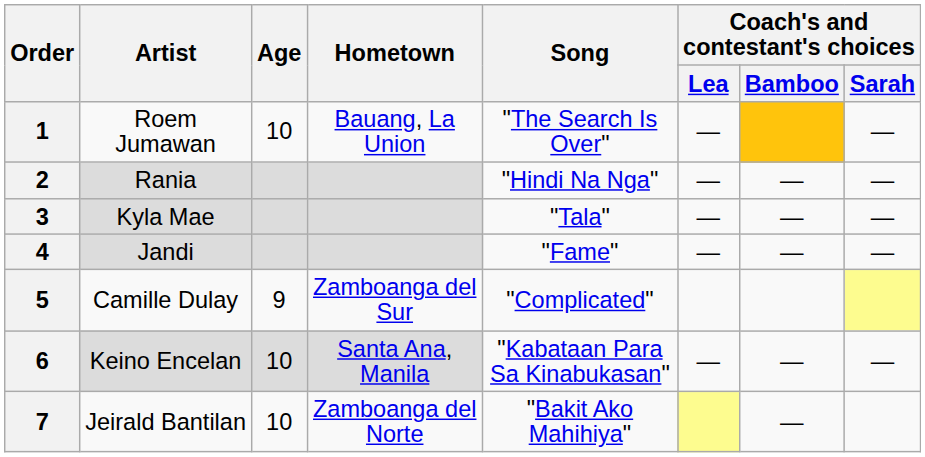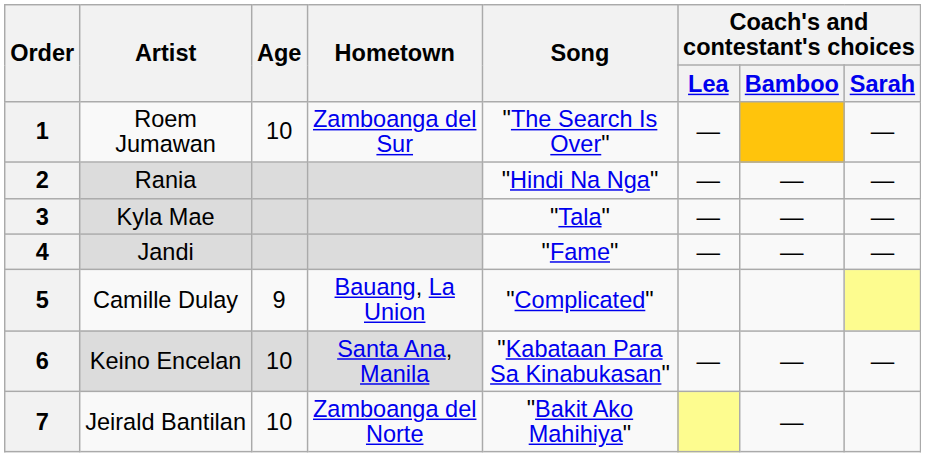 <table class="wikitable" style="text-align:center; line-height:17px; width:100%;">
 <tr>
 <th rowspan="2" scope="col" width="05%">Order</th>
 <th rowspan="2" scope="col" width="20%">Artist</th>
 <th rowspan="2" scope="col" width="05%">Age</th>
 <th rowspan="2" scope="col" width="20%">Hometown</th>
 <th rowspan="2" scope="col" width="22%">Song</th>
 <th colspan="3" scope="col" width="28%">Coach's and contestant's choices</th>
 </tr>
 <tr>
 <th width="07%"><a href='#'>Lea</a></th>
 <th width="07%"><a href='#'>Bamboo</a></th>
 <th width="07%"><a href='#'>Sarah</a></th>
 </tr>
 <tr>
 <th>1</th>
 <td>Roem Jumawan</td>
 <td>10</td>
-<td><a href='#'>Bauang</a>, <a href='#'>La Union</a></td>
+<td><a href='#'>Zamboanga del Sur</a></td>
 <td>"<a href='#'>The Search Is Over</a>"</td>
 <td>—</td>
 <td style="background:#FFC40C;"><strong></strong></td>
 <td>—</td>
 </tr>
 <tr>
 <th>2</th>
 <td style="background:#DCDCDC;">Rania</td>
 <td style="background:#DCDCDC;"></td>
 <td style="background:#DCDCDC;"></td>
 <td>"<a href='#'>Hindi Na Nga</a>"</td>
 <td>—</td>
 <td>—</td>
 <td>—</td>
 </tr>
 <tr>
 <th>3</th>
 <td style="background:#DCDCDC;">Kyla Mae</td>
 <td style="background:#DCDCDC;"></td>
 <td style="background:#DCDCDC;"></td>
 <td>"<a href='#'>Tala</a>"</td>
 <td>—</td>
 <td>—</td>
 <td>—</td>
 </tr>
 <tr>
 <th>4</th>
 <td style="background:#DCDCDC;">Jandi</td>
 <td style="background:#DCDCDC;"></td>
 <td style="background:#DCDCDC;"></td>
 <td>"<a href='#'>Fame</a>"</td>
 <td>—</td>
 <td>—</td>
 <td>—</td>
 </tr>
 <tr>
 <th>5</th>
 <td>Camille Dulay</td>
 <td>9</td>
-<td><a href='#'>Zamboanga del Sur</a></td>
+<td><a href='#'>Bauang</a>, <a href='#'>La Union</a></td>
 <td>"<a href='#'>Complicated</a>"</td>
 <td><strong></strong></td>
 <td><strong></strong></td>
 <td style="background:#fdfc8f;"><strong></strong></td>
 </tr>
 <tr>
 <th>6</th>
 <td style="background:#DCDCDC;">Keino Encelan</td>
 <td style="background:#DCDCDC;">10</td>
 <td style="background:#DCDCDC;"><a href='#'>Santa Ana</a>, <a href='#'>Manila</a></td>
 <td>"<a href='#'>Kabataan Para Sa Kinabukasan</a>"</td>
 <td>—</td>
 <td>—</td>
 <td>—</td>
 </tr>
 <tr>
 <th>7</th>
 <td>Jeirald Bantilan</td>
 <td>10</td>
 <td><a href='#'>Zamboanga del Norte</a></td>
 <td>"<a href='#'>Bakit Ako Mahihiya</a>"</td>
 <td style="background:#fdfc8f;"><strong></strong></td>
 <td>—</td>
 <td><strong></strong></td>
 </tr>
 </table>
